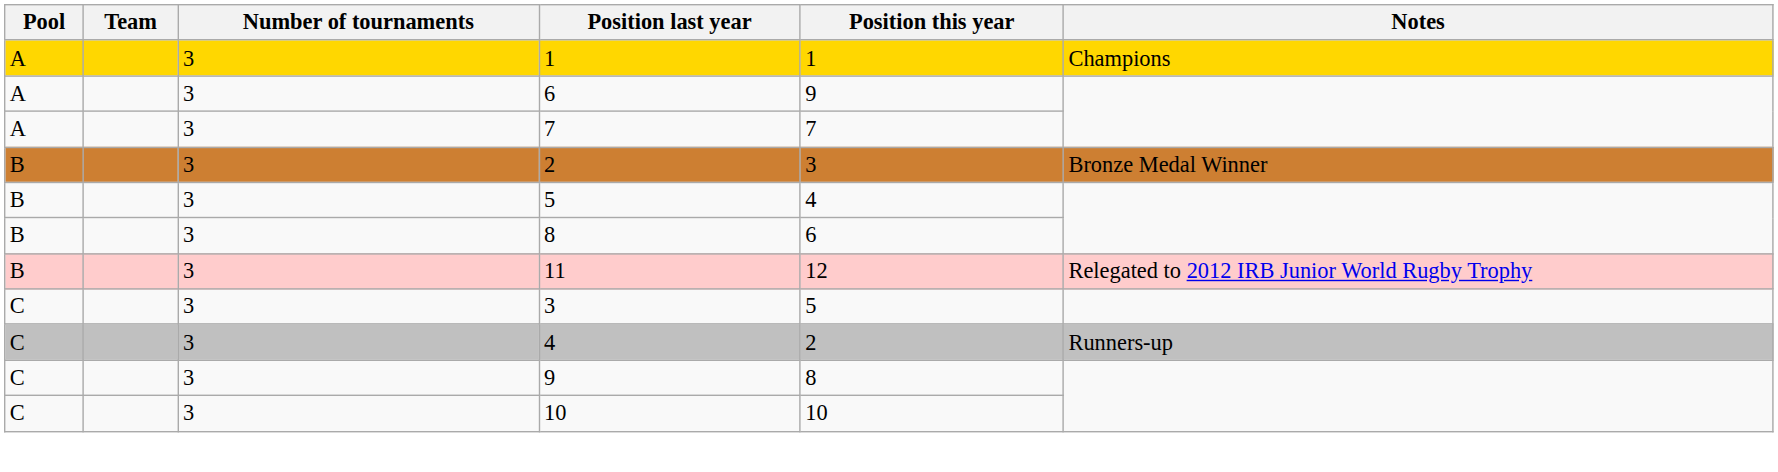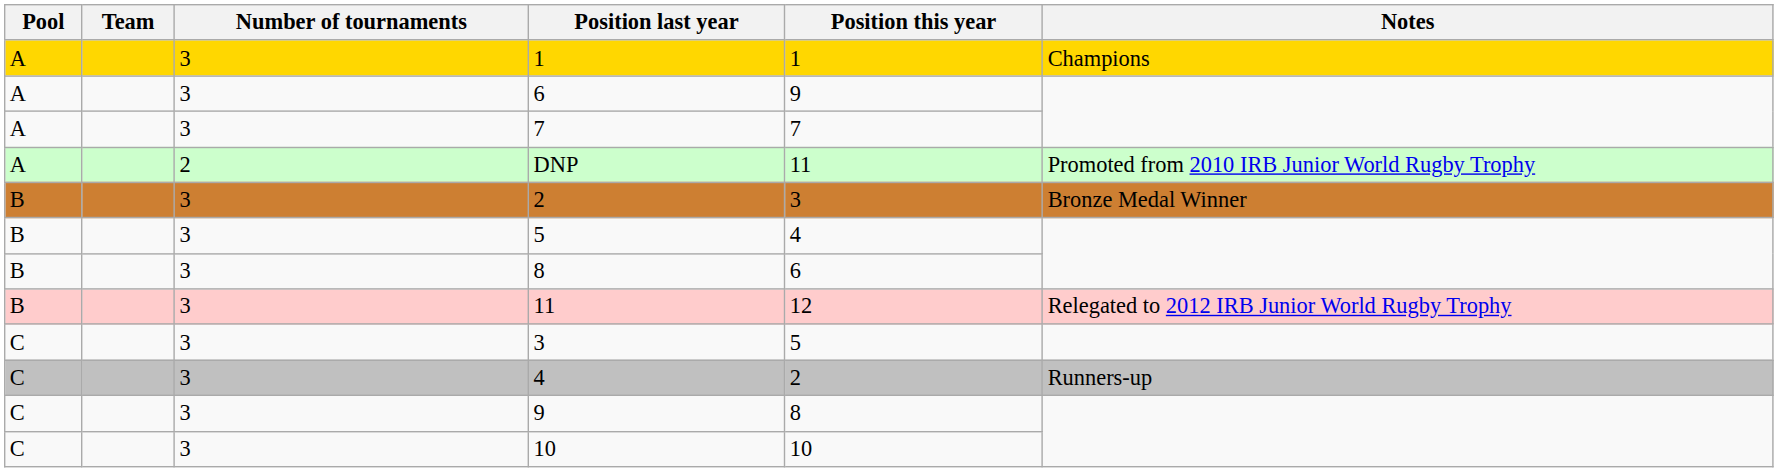 <table class="wikitable sortable" style="width:100%;">
 <tr>
 <th>Pool</th>
 <th>Team</th>
 <th>Number of tournaments</th>
 <th>Position last year</th>
 <th>Position this year</th>
 <th>Notes</th>
 </tr>
 <tr bgcolor="gold">
 <td>A</td>
 <td></td>
 <td>3</td>
 <td>1</td>
 <td>1</td>
 <td>Champions</td>
 </tr>
 <tr>
 <td>A</td>
 <td></td>
 <td>3</td>
 <td>6</td>
 <td>9</td>
 </tr>
 <tr>
 <td>A</td>
 <td></td>
 <td>3</td>
 <td>7</td>
 <td>7</td>
+</tr>
+<tr bgcolor="#ccffcc">
+<td>A</td>
+<td></td>
+<td>2</td>
+<td>DNP</td>
+<td>11</td>
+<td>Promoted from <a href='#'>2010 IRB Junior World Rugby Trophy</a></td>
 </tr>
 <tr bgcolor="#CD7F32">
 <td>B</td>
 <td></td>
 <td>3</td>
 <td>2</td>
 <td>3</td>
 <td>Bronze Medal Winner</td>
 </tr>
 <tr>
 <td>B</td>
 <td></td>
 <td>3</td>
 <td>5</td>
 <td>4</td>
 </tr>
 <tr>
 <td>B</td>
 <td></td>
 <td>3</td>
 <td>8</td>
 <td>6</td>
 </tr>
 <tr bgcolor="#ffcccc">
 <td>B</td>
 <td></td>
 <td>3</td>
 <td>11</td>
 <td>12</td>
 <td>Relegated to <a href='#'>2012 IRB Junior World Rugby Trophy</a></td>
 </tr>
 <tr>
 <td>C</td>
 <td></td>
 <td>3</td>
 <td>3</td>
 <td>5</td>
 </tr>
 <tr bgcolor="#C0C0C0">
 <td>C</td>
 <td></td>
 <td>3</td>
 <td>4</td>
 <td>2</td>
 <td>Runners-up</td>
 </tr>
 <tr>
 <td>C</td>
 <td></td>
 <td>3</td>
 <td>9</td>
 <td>8</td>
 </tr>
 <tr>
 <td>C</td>
 <td></td>
 <td>3</td>
 <td>10</td>
 <td>10</td>
 </tr>
 </table>
